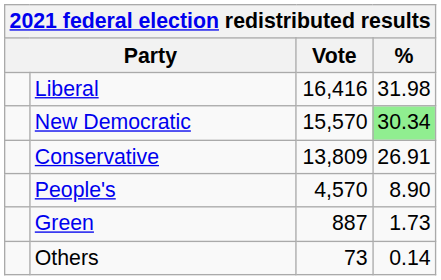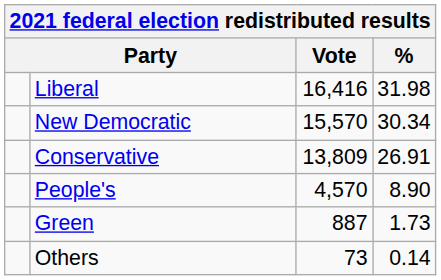 <table class="wikitable">
 <tr>
 <th colspan="4"><a href='#'>2021 federal election</a> redistributed results</th>
 </tr>
 <tr>
 <th bgcolor="#DDDDFF" width="130px" colspan="2">Party</th>
 <th bgcolor="#DDDDFF" width="50px">Vote</th>
 <th bgcolor="#DDDDFF" width="30px">%</th>
 </tr>
 <tr>
 <td> </td>
 <td><a href='#'>Liberal</a></td>
 <td align=right>16,416</td>
 <td align=right>31.98</td>
 </tr>
 <tr>
 <td> </td>
 <td><a href='#'>New Democratic</a></td>
 <td align=right>15,570</td>
-<td align=right style="background: lightgreen;">30.34</td>
+<td align=right>30.34</td>
 </tr>
 <tr>
 <td> </td>
 <td><a href='#'>Conservative</a></td>
 <td align=right>13,809</td>
 <td align=right>26.91</td>
 </tr>
 <tr>
 <td> </td>
 <td><a href='#'>People's</a></td>
 <td align=right>4,570</td>
 <td align=right>8.90</td>
 </tr>
 <tr>
 <td> </td>
 <td><a href='#'>Green</a></td>
 <td align=right>887</td>
 <td align=right>1.73</td>
 </tr>
 <tr>
 <td> </td>
 <td>Others</td>
 <td align=right>73</td>
 <td align=right>0.14</td>
 </tr>
 </table>
